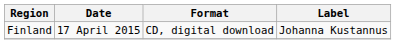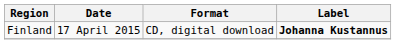 <table class=wikitable>
 <tr>
 <th>Region</th>
 <th>Date</th>
 <th>Format</th>
 <th>Label</th>
 </tr>
 <tr>
 <td>Finland</td>
 <td>17 April 2015</td>
 <td>CD, digital download</td>
-<td>Johanna Kustannus</td>
+<td><strong>Johanna Kustannus</strong></td>
 </tr>
 <tr>
 </tr>
 </table>
